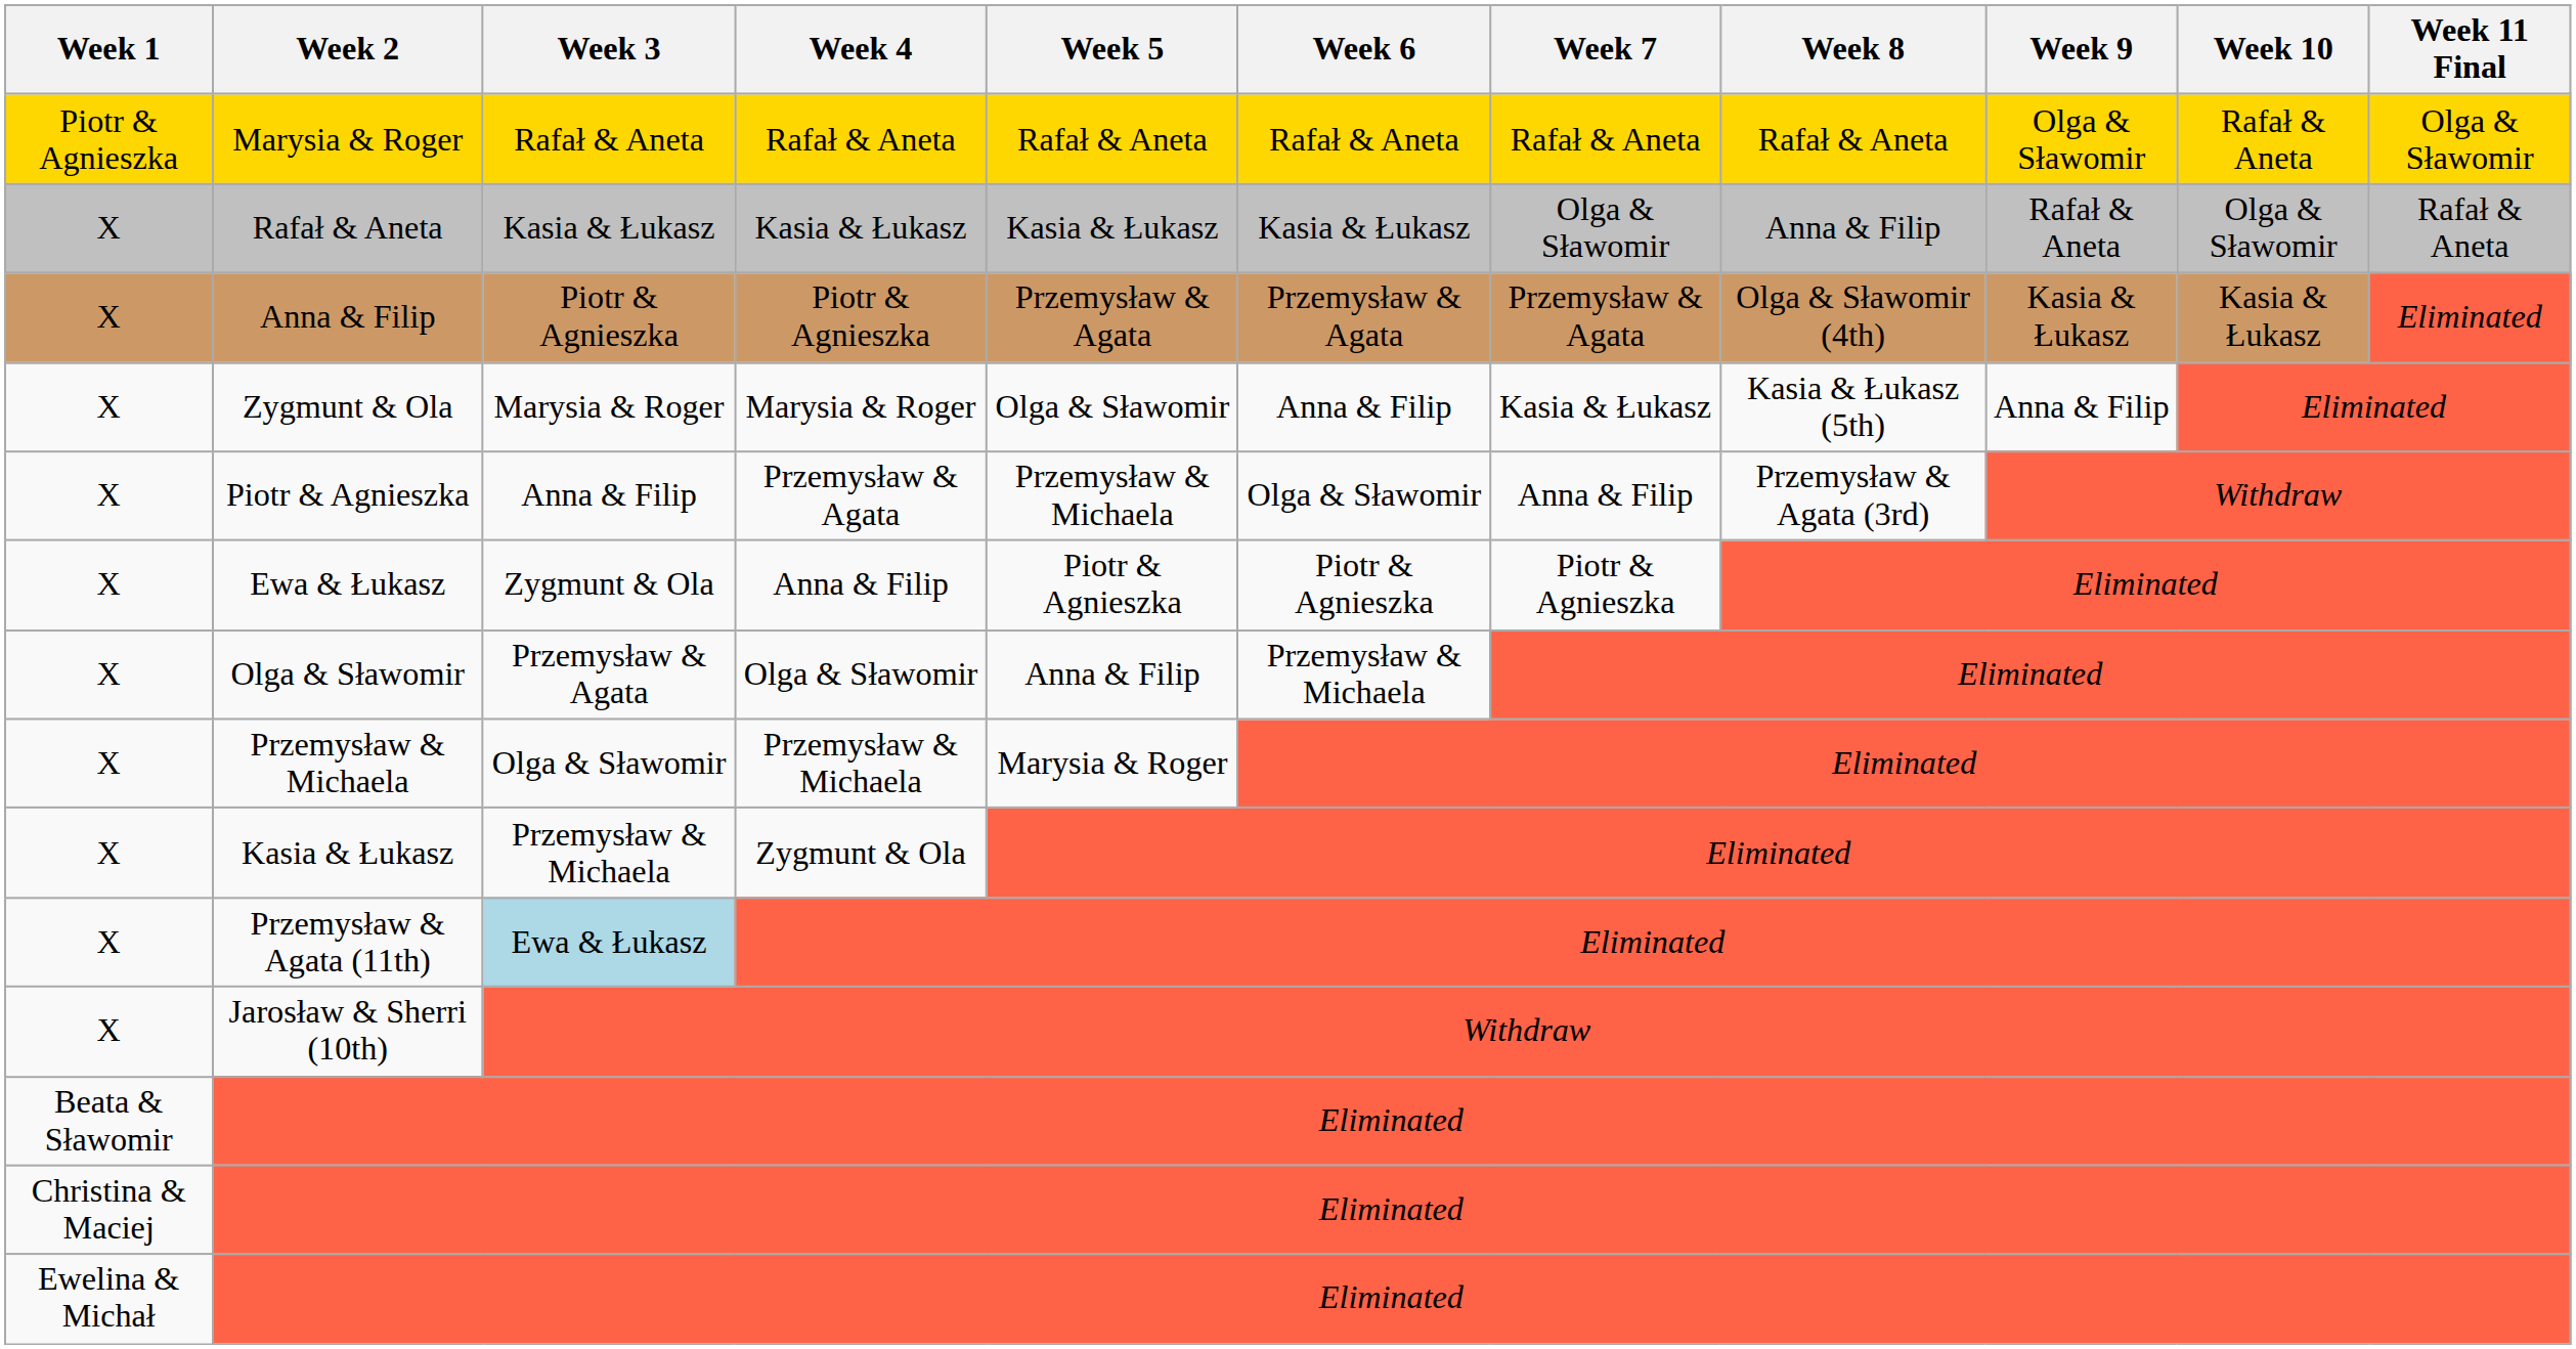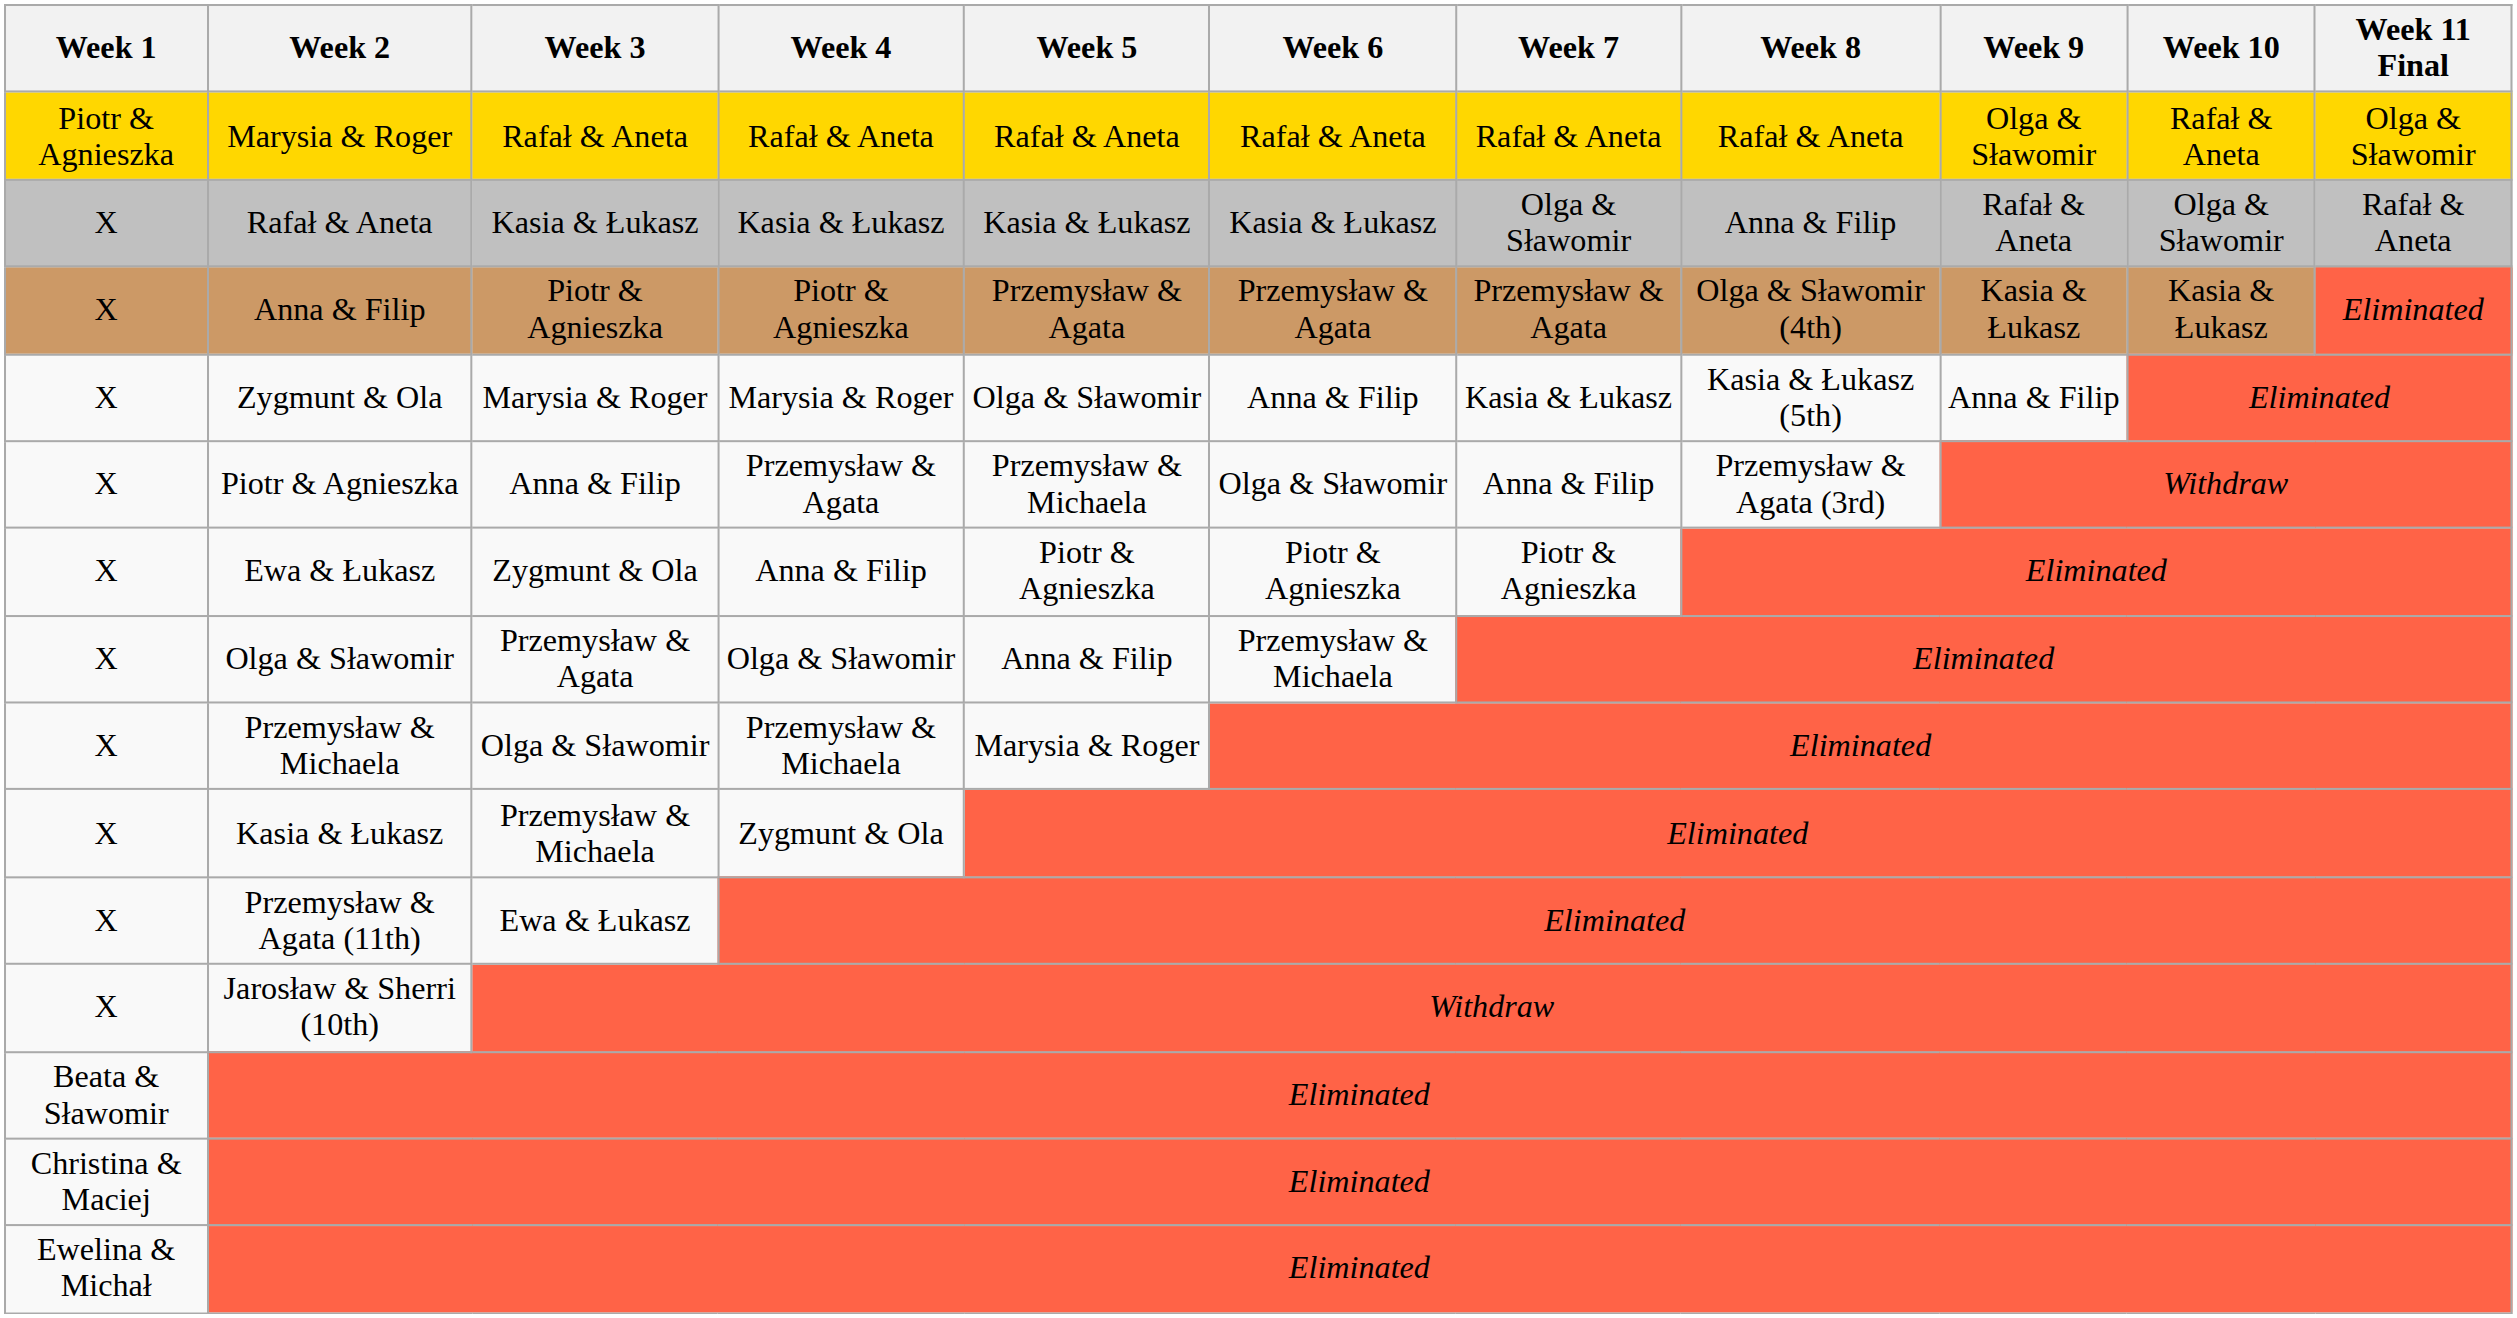 <table class="wikitable" style="text-align:center">
 <tr>
 <th>Week 1</th>
 <th>Week 2</th>
 <th>Week 3</th>
 <th>Week 4</th>
 <th>Week 5</th>
 <th>Week 6</th>
 <th>Week 7</th>
 <th>Week 8</th>
 <th>Week 9</th>
 <th>Week 10</th>
 <th>Week 11<br>Final</th>
 </tr>
 <tr style="background:gold;">
 <td>Piotr & Agnieszka</td>
 <td>Marysia & Roger</td>
 <td>Rafał & Aneta</td>
 <td>Rafał & Aneta</td>
 <td>Rafał & Aneta</td>
 <td>Rafał & Aneta</td>
 <td>Rafał & Aneta</td>
 <td>Rafał & Aneta</td>
 <td>Olga & Sławomir</td>
 <td>Rafał & Aneta</td>
 <td>Olga & Sławomir</td>
 </tr>
 <tr style="background:silver;">
 <td>X</td>
 <td>Rafał & Aneta</td>
 <td>Kasia & Łukasz</td>
 <td>Kasia & Łukasz</td>
 <td>Kasia & Łukasz</td>
 <td>Kasia & Łukasz</td>
 <td>Olga & Sławomir</td>
 <td>Anna & Filip</td>
 <td>Rafał & Aneta</td>
 <td>Olga & Sławomir</td>
 <td>Rafał & Aneta</td>
 </tr>
 <tr style="background:#c96;">
 <td>X</td>
 <td>Anna & Filip</td>
 <td>Piotr & Agnieszka</td>
 <td>Piotr & Agnieszka</td>
 <td>Przemysław & Agata</td>
 <td>Przemysław & Agata</td>
 <td>Przemysław & Agata</td>
 <td>Olga & Sławomir (4th)</td>
 <td>Kasia & Łukasz</td>
 <td>Kasia & Łukasz</td>
 <td style="background:tomato" colspan=3><em>Eliminated</em></td>
 </tr>
 <tr>
 <td>X</td>
 <td>Zygmunt & Ola</td>
 <td>Marysia & Roger</td>
 <td>Marysia & Roger</td>
 <td>Olga & Sławomir</td>
 <td>Anna & Filip</td>
 <td>Kasia & Łukasz</td>
 <td>Kasia & Łukasz (5th)</td>
 <td>Anna & Filip</td>
 <td style="background:tomato" colspan=4><em>Eliminated</em></td>
 </tr>
 <tr>
 <td>X</td>
 <td>Piotr & Agnieszka</td>
 <td>Anna & Filip</td>
 <td>Przemysław & Agata</td>
 <td>Przemysław & Michaela</td>
 <td>Olga & Sławomir</td>
 <td>Anna & Filip</td>
 <td>Przemysław & Agata (3rd)</td>
 <td style="background:tomato" colspan=7><em>Withdraw</em></td>
 </tr>
 <tr>
 <td>X</td>
 <td>Ewa & Łukasz</td>
 <td>Zygmunt & Ola</td>
 <td>Anna & Filip</td>
 <td>Piotr & Agnieszka</td>
 <td>Piotr & Agnieszka</td>
 <td>Piotr & Agnieszka</td>
 <td style="background:tomato" colspan=8><em>Eliminated</em></td>
 </tr>
 <tr>
 <td>X</td>
 <td>Olga & Sławomir</td>
 <td>Przemysław & Agata</td>
 <td>Olga & Sławomir</td>
 <td>Anna & Filip</td>
 <td>Przemysław & Michaela</td>
 <td style="background:tomato" colspan=9><em>Eliminated</em></td>
 </tr>
 <tr>
 <td>X</td>
 <td>Przemysław & Michaela</td>
 <td>Olga & Sławomir</td>
 <td>Przemysław & Michaela</td>
 <td>Marysia & Roger</td>
 <td style="background:tomato" colspan=10><em>Eliminated</em></td>
 </tr>
 <tr>
 <td>X</td>
 <td>Kasia & Łukasz</td>
 <td>Przemysław & Michaela</td>
 <td>Zygmunt & Ola</td>
 <td style="background:tomato" colspan=11><em>Eliminated</em></td>
 </tr>
 <tr>
 <td>X</td>
 <td>Przemysław & Agata (11th)</td>
-<td style="background: lightblue;">Ewa & Łukasz</td>
+<td>Ewa & Łukasz</td>
 <td style="background:tomato" colspan=12><em>Eliminated</em></td>
 </tr>
 <tr>
 <td>X</td>
 <td>Jarosław & Sherri (10th)</td>
 <td style="background:tomato" colspan=13><em>Withdraw</em></td>
 </tr>
 <tr>
 <td>Beata & Sławomir</td>
 <td style="background:tomato" colspan=14><em>Eliminated</em></td>
 </tr>
 <tr>
 <td>Christina & Maciej</td>
 <td style="background:tomato" colspan=14><em>Eliminated</em></td>
 </tr>
 <tr>
 <td>Ewelina & Michał</td>
 <td style="background:tomato" colspan=14><em>Eliminated</em></td>
 </tr>
 </table>
